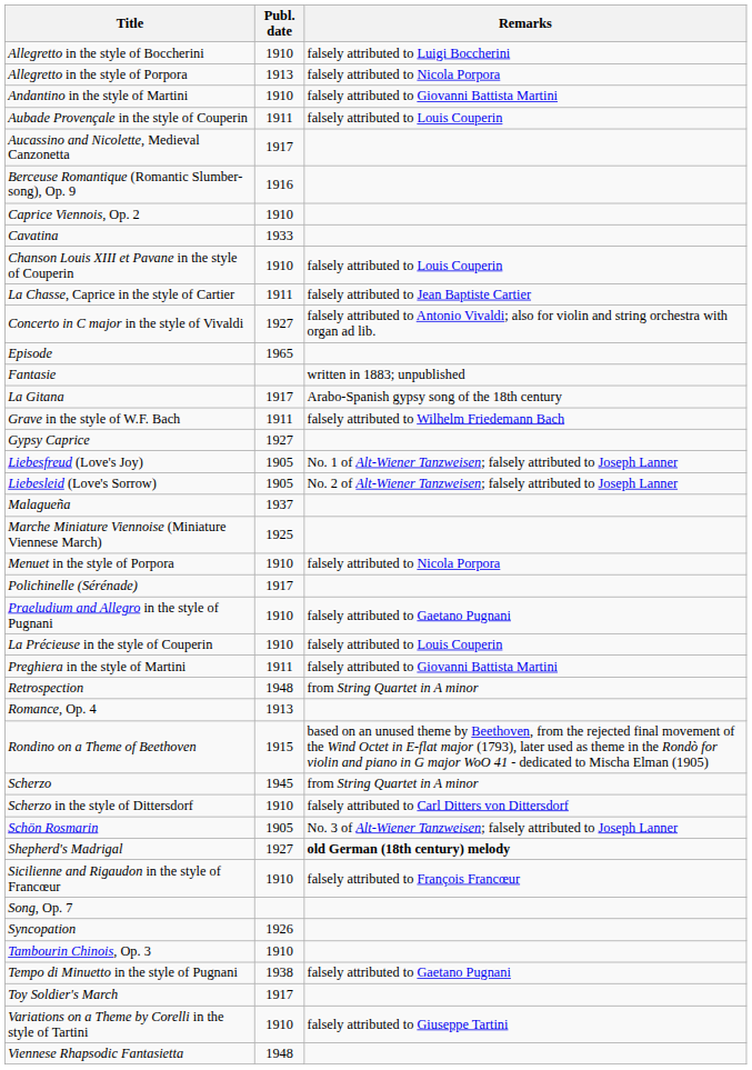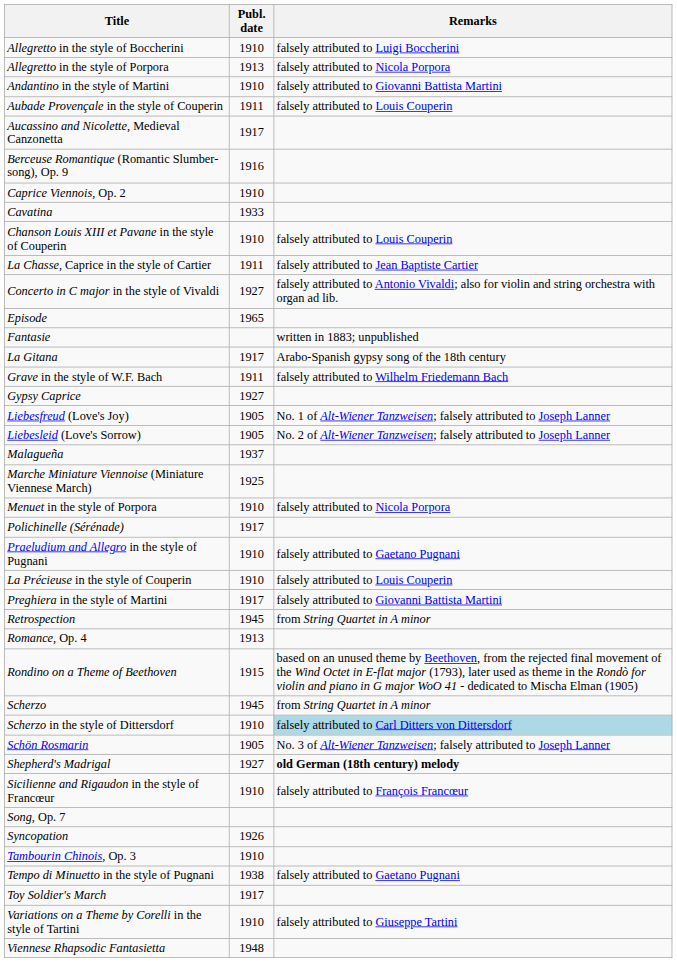 <table class="wikitable sortable" style="margins:auto; width=95%;">
 <tr>
 <th width="285">Title</th>
 <th width="50">Publ.<br>date</th>
 <th>Remarks</th>
 </tr>
 <tr>
 <td><em>Allegretto</em> in the style of Boccherini</td>
 <td align=center>1910</td>
 <td>falsely attributed to <a href='#'>Luigi Boccherini</a></td>
 </tr>
 <tr>
 <td><em>Allegretto</em> in the style of Porpora</td>
 <td align=center>1913</td>
 <td>falsely attributed to <a href='#'>Nicola Porpora</a></td>
 </tr>
 <tr>
 <td><em>Andantino</em> in the style of Martini</td>
 <td align=center>1910</td>
 <td>falsely attributed to <a href='#'>Giovanni Battista Martini</a></td>
 </tr>
 <tr>
 <td><em>Aubade Provençale</em> in the style of Couperin</td>
 <td align=center>1911</td>
 <td>falsely attributed to <a href='#'>Louis Couperin</a></td>
 </tr>
 <tr>
 <td><em>Aucassino and Nicolette</em>, Medieval Canzonetta</td>
 <td align=center>1917</td>
 <td> </td>
 </tr>
 <tr>
 <td><em>Berceuse Romantique</em> (Romantic Slumber-song), Op. 9</td>
 <td align=center>1916</td>
 <td> </td>
 </tr>
 <tr>
 <td><em>Caprice Viennois</em>, Op. 2</td>
 <td align=center>1910</td>
 <td> </td>
 </tr>
 <tr>
 <td><em>Cavatina</em></td>
 <td align=center>1933</td>
 <td> </td>
 </tr>
 <tr>
 <td><em>Chanson Louis XIII et Pavane</em> in the style of Couperin</td>
 <td align=center>1910</td>
 <td>falsely attributed to <a href='#'>Louis Couperin</a></td>
 </tr>
 <tr>
 <td><em>La Chasse</em>, Caprice in the style of Cartier</td>
 <td align=center>1911</td>
 <td>falsely attributed to <a href='#'>Jean Baptiste Cartier</a></td>
 </tr>
 <tr>
 <td><em>Concerto in C major</em> in the style of Vivaldi</td>
 <td align=center>1927</td>
 <td>falsely attributed to <a href='#'>Antonio Vivaldi</a>; also for violin and string orchestra with organ ad lib.</td>
 </tr>
 <tr>
 <td><em>Episode</em></td>
 <td align=center>1965</td>
 <td> </td>
 </tr>
 <tr>
 <td><em>Fantasie</em></td>
 <td align=center> </td>
 <td>written in 1883; unpublished</td>
 </tr>
 <tr>
 <td><em>La Gitana</em></td>
 <td align=center>1917</td>
 <td>Arabo-Spanish gypsy song of the 18th century</td>
 </tr>
 <tr>
 <td><em>Grave</em> in the style of W.F. Bach</td>
 <td align=center>1911</td>
 <td>falsely attributed to <a href='#'>Wilhelm Friedemann Bach</a></td>
 </tr>
 <tr>
 <td><em>Gypsy Caprice</em></td>
 <td align=center>1927</td>
 <td> </td>
 </tr>
 <tr>
 <td><em><a href='#'>Liebesfreud</a></em> (Love's Joy)</td>
 <td align=center>1905</td>
 <td>No. 1 of <em><a href='#'>Alt-Wiener Tanzweisen</a></em>; falsely attributed to <a href='#'>Joseph Lanner</a></td>
 </tr>
 <tr>
 <td><em><a href='#'>Liebesleid</a></em> (Love's Sorrow)</td>
 <td align=center>1905</td>
 <td>No. 2 of <em><a href='#'>Alt-Wiener Tanzweisen</a></em>; falsely attributed to <a href='#'>Joseph Lanner</a></td>
 </tr>
 <tr>
 <td><em>Malagueña</em></td>
 <td align=center>1937</td>
 <td> </td>
 </tr>
 <tr>
 <td><em>Marche Miniature Viennoise</em> (Miniature Viennese March)</td>
 <td align=center>1925</td>
 <td> </td>
 </tr>
 <tr>
 <td><em>Menuet</em> in the style of Porpora</td>
 <td align=center>1910</td>
 <td>falsely attributed to <a href='#'>Nicola Porpora</a></td>
 </tr>
 <tr>
 <td><em>Polichinelle (Sérénade)</em></td>
 <td align=center>1917</td>
 <td> </td>
 </tr>
 <tr>
 <td><em><a href='#'>Praeludium and Allegro</a></em> in the style of Pugnani</td>
 <td align=center>1910</td>
 <td>falsely attributed to <a href='#'>Gaetano Pugnani</a></td>
 </tr>
 <tr>
 <td><em>La Précieuse</em> in the style of Couperin</td>
 <td align=center>1910</td>
 <td>falsely attributed to <a href='#'>Louis Couperin</a></td>
 </tr>
 <tr>
 <td><em>Preghiera</em> in the style of Martini</td>
-<td align=center>1911</td>
+<td align=center>1917</td>
 <td>falsely attributed to <a href='#'>Giovanni Battista Martini</a></td>
 </tr>
 <tr>
 <td><em>Retrospection</em></td>
-<td align=center>1948</td>
+<td align=center>1945</td>
 <td>from <em>String Quartet in A minor</em></td>
 </tr>
 <tr>
 <td><em>Romance</em>, Op. 4</td>
 <td align=center>1913</td>
 <td> </td>
 </tr>
 <tr>
 <td><em>Rondino on a Theme of Beethoven</em></td>
 <td align=center>1915</td>
 <td>based on an unused theme by <a href='#'>Beethoven</a>, from the rejected final movement of the <em>Wind Octet in E-flat major</em> (1793), later used as theme in the <em>Rondò for violin and piano in G major WoO 41</em> - dedicated to Mischa Elman (1905)</td>
 </tr>
 <tr>
 <td><em>Scherzo</em></td>
 <td align=center>1945</td>
 <td>from <em>String Quartet in A minor</em></td>
 </tr>
 <tr>
 <td><em>Scherzo</em> in the style of Dittersdorf</td>
 <td align=center>1910</td>
-<td>falsely attributed to <a href='#'>Carl Ditters von Dittersdorf</a></td>
+<td style="background: lightblue;">falsely attributed to <a href='#'>Carl Ditters von Dittersdorf</a></td>
 </tr>
 <tr>
 <td><em><a href='#'>Schön Rosmarin</a></em></td>
 <td align=center>1905</td>
 <td>No. 3 of <em><a href='#'>Alt-Wiener Tanzweisen</a></em>; falsely attributed to <a href='#'>Joseph Lanner</a></td>
 </tr>
 <tr>
 <td><em>Shepherd's Madrigal</em></td>
 <td align=center>1927</td>
 <td><strong>old German (18th century) melody</strong></td>
 </tr>
 <tr>
 <td><em>Sicilienne and Rigaudon</em> in the style of Francœur</td>
 <td align=center>1910</td>
 <td>falsely attributed to <a href='#'>François Francœur</a></td>
 </tr>
 <tr>
 <td><em>Song</em>, Op. 7</td>
 <td align=center> </td>
 <td> </td>
 </tr>
 <tr>
 <td><em>Syncopation</em></td>
 <td align=center>1926</td>
 <td> </td>
 </tr>
 <tr>
 <td><em><a href='#'>Tambourin Chinois</a></em>, Op. 3</td>
 <td align=center>1910</td>
 <td> </td>
 </tr>
 <tr>
 <td><em>Tempo di Minuetto</em> in the style of Pugnani</td>
 <td align=center>1938</td>
 <td>falsely attributed to <a href='#'>Gaetano Pugnani</a></td>
 </tr>
 <tr>
 <td><em>Toy Soldier's March</em></td>
 <td align=center>1917</td>
 <td> </td>
 </tr>
 <tr>
 <td><em>Variations on a Theme by Corelli</em> in the style of Tartini</td>
 <td align=center>1910</td>
 <td>falsely attributed to <a href='#'>Giuseppe Tartini</a></td>
 </tr>
 <tr>
 <td><em>Viennese Rhapsodic Fantasietta</em></td>
 <td align=center>1948</td>
 <td> </td>
 </tr>
 </table>
